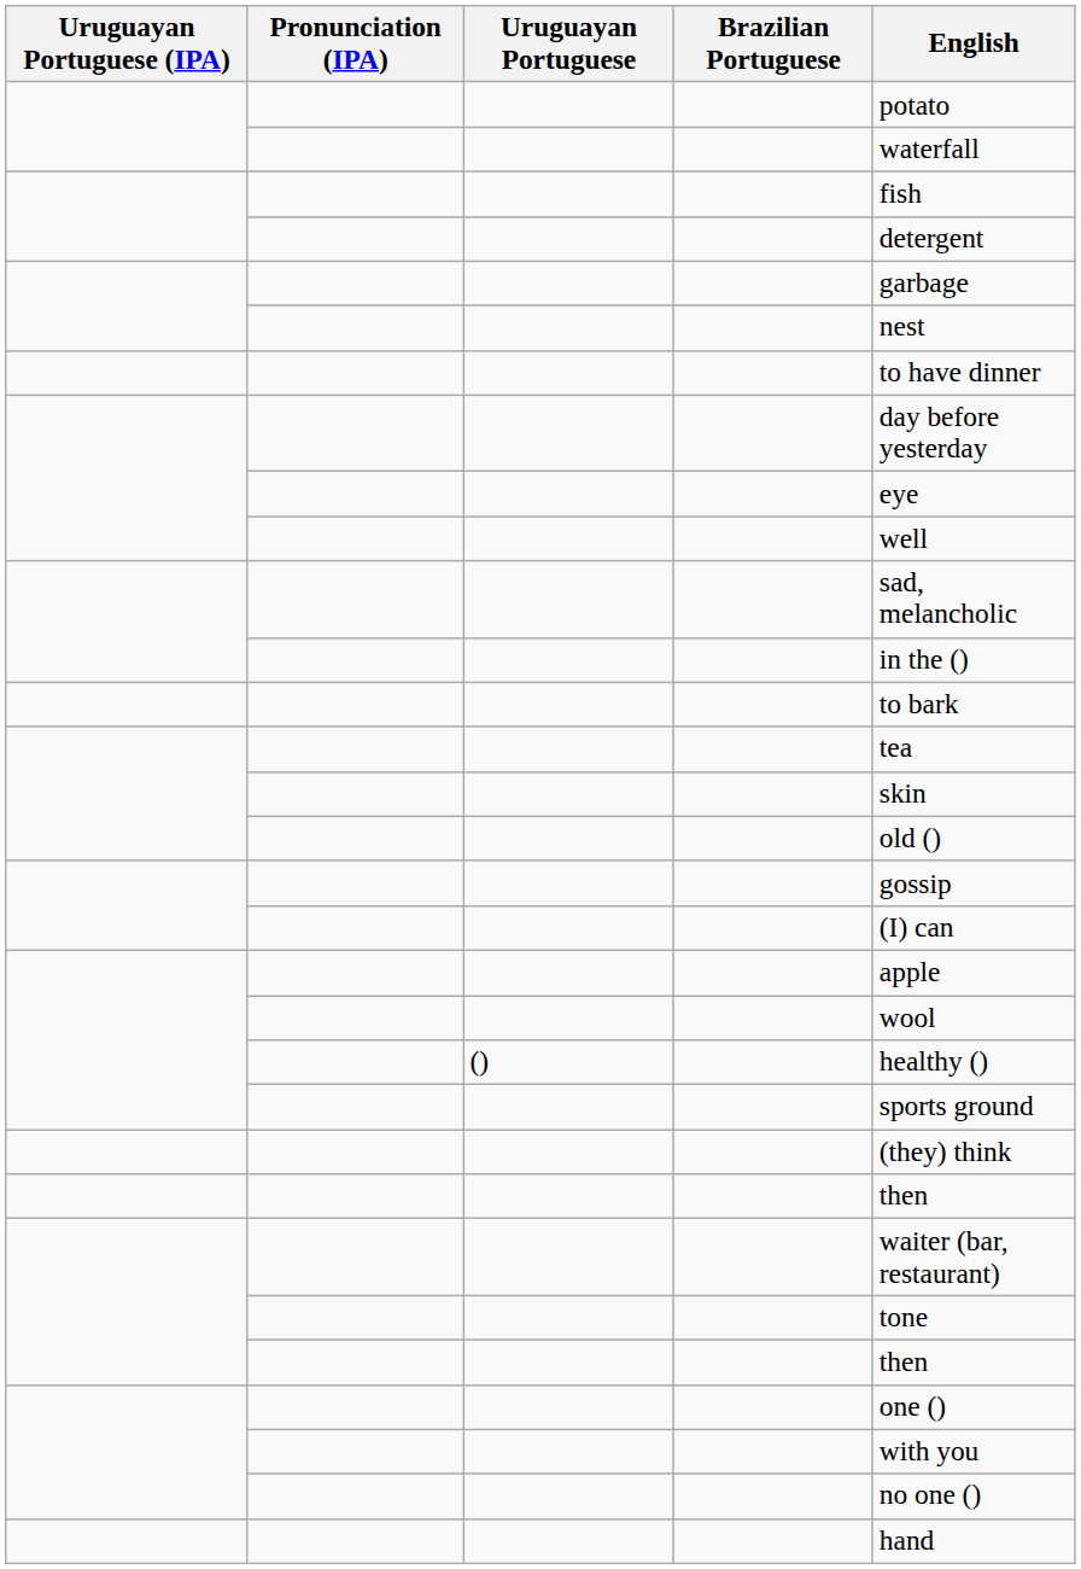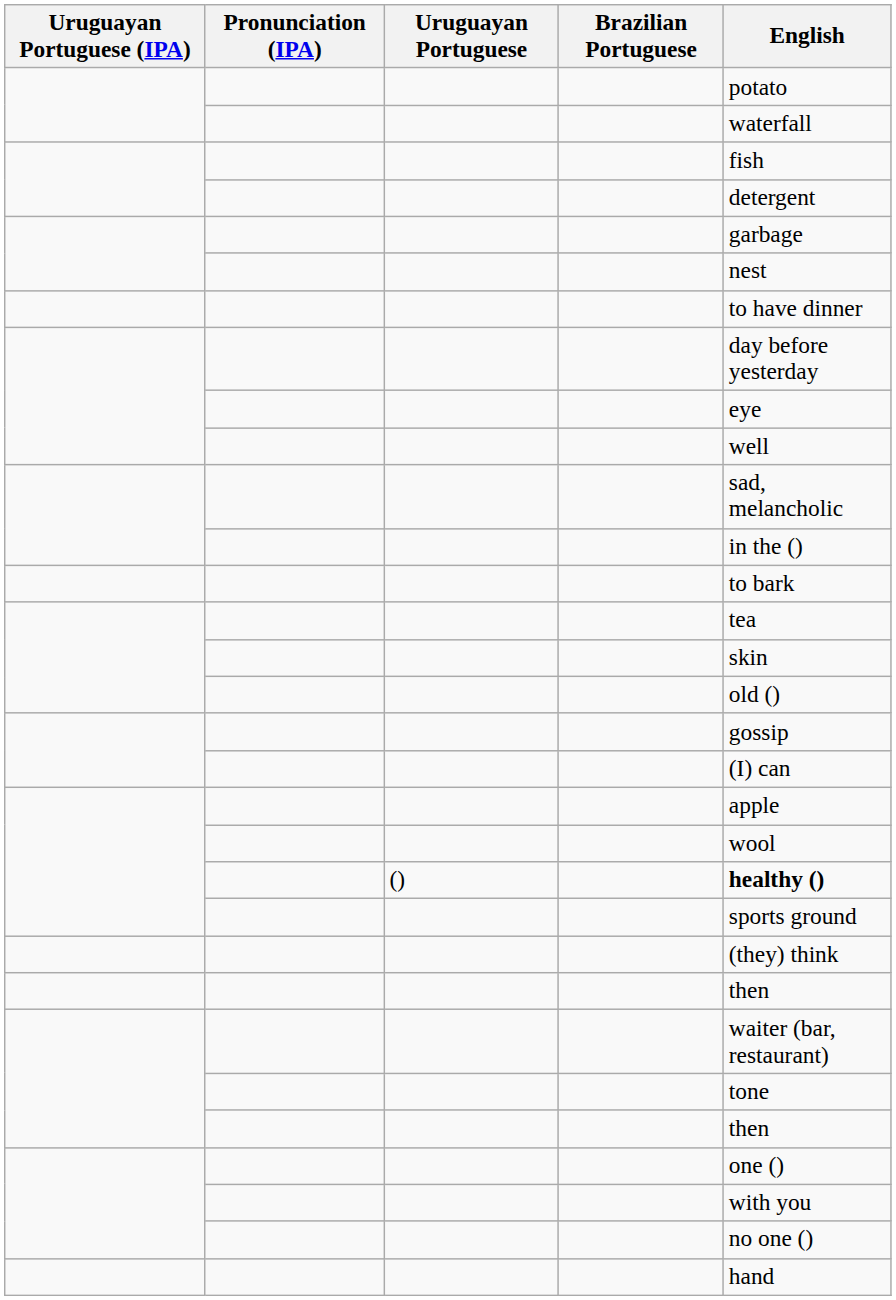 <table class="wikitable">
 <tr>
 <th>Uruguayan Portuguese (<a href='#'>IPA</a>)</th>
 <th>Pronunciation (<a href='#'>IPA</a>)</th>
 <th>Uruguayan Portuguese</th>
 <th>Brazilian Portuguese</th>
 <th>English</th>
 </tr>
 <tr>
 <td rowspan="2"></td>
 <td></td>
 <td></td>
 <td></td>
 <td>potato</td>
 </tr>
 <tr>
 <td></td>
 <td></td>
 <td></td>
 <td>waterfall</td>
 </tr>
 <tr>
 <td rowspan="2"></td>
 <td></td>
 <td></td>
 <td></td>
 <td>fish</td>
 </tr>
 <tr>
 <td></td>
 <td></td>
 <td></td>
 <td>detergent</td>
 </tr>
 <tr>
 <td rowspan="2"></td>
 <td></td>
 <td></td>
 <td></td>
 <td>garbage</td>
 </tr>
 <tr>
 <td></td>
 <td></td>
 <td></td>
 <td>nest</td>
 </tr>
 <tr>
 <td></td>
 <td></td>
 <td></td>
 <td></td>
 <td>to have dinner</td>
 </tr>
 <tr>
 <td rowspan="3"></td>
 <td></td>
 <td></td>
 <td></td>
 <td>day before yesterday</td>
 </tr>
 <tr>
 <td></td>
 <td></td>
 <td></td>
 <td>eye</td>
 </tr>
 <tr>
 <td></td>
 <td></td>
 <td></td>
 <td>well</td>
 </tr>
 <tr>
 <td rowspan="2"></td>
 <td></td>
 <td></td>
 <td></td>
 <td>sad, melancholic</td>
 </tr>
 <tr>
 <td></td>
 <td></td>
 <td></td>
 <td>in the ()</td>
 </tr>
 <tr>
 <td></td>
 <td></td>
 <td></td>
 <td></td>
 <td>to bark</td>
 </tr>
 <tr>
 <td rowspan="3"></td>
 <td></td>
 <td></td>
 <td></td>
 <td>tea</td>
 </tr>
 <tr>
 <td></td>
 <td></td>
 <td></td>
 <td>skin</td>
 </tr>
 <tr>
 <td></td>
 <td></td>
 <td></td>
 <td>old ()</td>
 </tr>
 <tr>
 <td rowspan="2"></td>
 <td></td>
 <td></td>
 <td></td>
 <td>gossip</td>
 </tr>
 <tr>
 <td></td>
 <td></td>
 <td></td>
 <td>(I) can</td>
 </tr>
 <tr>
 <td rowspan="4"></td>
 <td></td>
 <td></td>
 <td></td>
 <td>apple</td>
 </tr>
 <tr>
 <td></td>
 <td></td>
 <td></td>
 <td>wool</td>
 </tr>
 <tr>
 <td></td>
 <td> ()</td>
 <td></td>
-<td>healthy ()</td>
+<td><strong>healthy ()</strong></td>
 </tr>
 <tr>
 <td></td>
 <td></td>
 <td></td>
 <td>sports ground</td>
 </tr>
 <tr>
 <td></td>
 <td></td>
 <td></td>
 <td></td>
 <td>(they) think</td>
 </tr>
 <tr>
 <td></td>
 <td></td>
 <td></td>
 <td></td>
 <td>then</td>
 </tr>
 <tr>
 <td rowspan="3"></td>
 <td></td>
 <td></td>
 <td></td>
 <td>waiter (bar, restaurant)</td>
 </tr>
 <tr>
 <td></td>
 <td></td>
 <td></td>
 <td>tone</td>
 </tr>
 <tr>
 <td></td>
 <td></td>
 <td></td>
 <td>then</td>
 </tr>
 <tr>
 <td rowspan="3"></td>
 <td></td>
 <td></td>
 <td></td>
 <td>one ()</td>
 </tr>
 <tr>
 <td></td>
 <td></td>
 <td></td>
 <td>with you</td>
 </tr>
 <tr>
 <td></td>
 <td></td>
 <td></td>
 <td>no one ()</td>
 </tr>
 <tr>
 <td></td>
 <td></td>
 <td></td>
 <td></td>
 <td>hand</td>
 </tr>
 </table>
